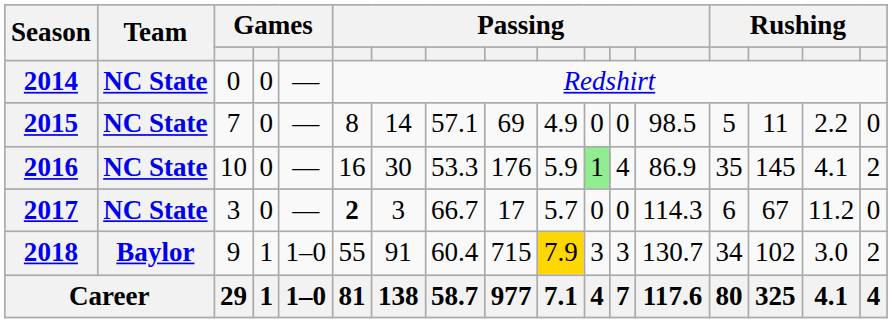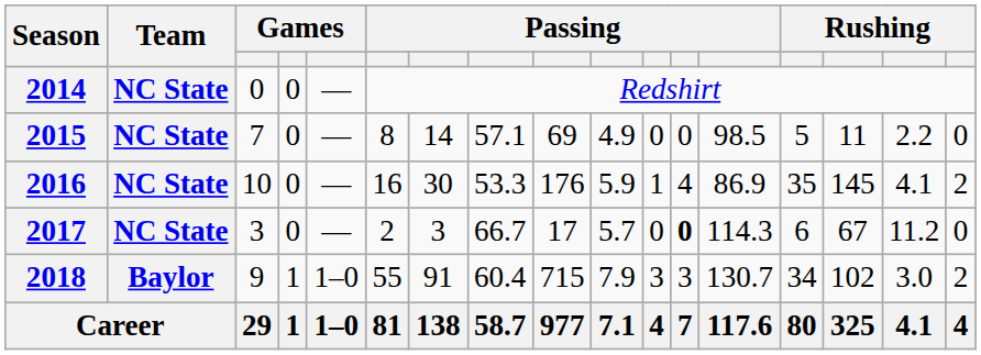 <table class="wikitable" style="text-align:center;">
 <tr>
 <th rowspan="2">Season</th>
 <th rowspan="2">Team</th>
 <th colspan="3">Games</th>
 <th colspan="8">Passing</th>
 <th colspan="4">Rushing</th>
 </tr>
 <tr>
 <th></th>
 <th></th>
 <th></th>
 <th></th>
 <th></th>
 <th></th>
 <th></th>
 <th></th>
 <th></th>
 <th></th>
 <th></th>
 <th></th>
 <th></th>
 <th></th>
 <th></th>
 </tr>
 <tr>
 <th><a href='#'>2014</a></th>
 <th><a href='#'>NC State</a></th>
 <td>0</td>
 <td>0</td>
 <td>—</td>
 <td colspan="12"> <em><a href='#'>Redshirt</a></em></td>
 </tr>
 <tr>
 <th><a href='#'>2015</a></th>
 <th><a href='#'>NC State</a></th>
 <td>7</td>
 <td>0</td>
 <td>—</td>
 <td>8</td>
 <td>14</td>
 <td>57.1</td>
 <td>69</td>
 <td>4.9</td>
 <td>0</td>
 <td>0</td>
 <td>98.5</td>
 <td>5</td>
 <td>11</td>
 <td>2.2</td>
 <td>0</td>
 </tr>
 <tr>
 <th><a href='#'>2016</a></th>
 <th><a href='#'>NC State</a></th>
 <td>10</td>
 <td>0</td>
 <td>—</td>
 <td>16</td>
 <td>30</td>
 <td>53.3</td>
 <td>176</td>
 <td>5.9</td>
-<td style="background: lightgreen;">1</td>
+<td>1</td>
 <td>4</td>
 <td>86.9</td>
 <td>35</td>
 <td>145</td>
 <td>4.1</td>
 <td>2</td>
 </tr>
 <tr>
 <th><a href='#'>2017</a></th>
 <th><a href='#'>NC State</a></th>
 <td>3</td>
 <td>0</td>
 <td>—</td>
-<td><strong>2</strong></td>
+<td>2</td>
 <td>3</td>
 <td>66.7</td>
 <td>17</td>
 <td>5.7</td>
 <td>0</td>
-<td>0</td>
+<td><strong>0</strong></td>
 <td>114.3</td>
 <td>6</td>
 <td>67</td>
 <td>11.2</td>
 <td>0</td>
 </tr>
 <tr>
 <th><a href='#'>2018</a></th>
 <th><a href='#'>Baylor</a></th>
 <td>9</td>
 <td>1</td>
 <td>1–0</td>
 <td>55</td>
 <td>91</td>
 <td>60.4</td>
 <td>715</td>
-<td style="background: gold;">7.9</td>
+<td>7.9</td>
 <td>3</td>
 <td>3</td>
 <td>130.7</td>
 <td>34</td>
 <td>102</td>
 <td>3.0</td>
 <td>2</td>
 </tr>
 <tr>
 <th colspan="2">Career </th>
 <th>29</th>
 <th>1</th>
 <th>1–0</th>
 <th>81</th>
 <th>138</th>
 <th>58.7</th>
 <th>977</th>
 <th>7.1</th>
 <th>4</th>
 <th>7</th>
 <th>117.6</th>
 <th>80</th>
 <th>325</th>
 <th>4.1</th>
 <th>4</th>
 </tr>
 </table>
